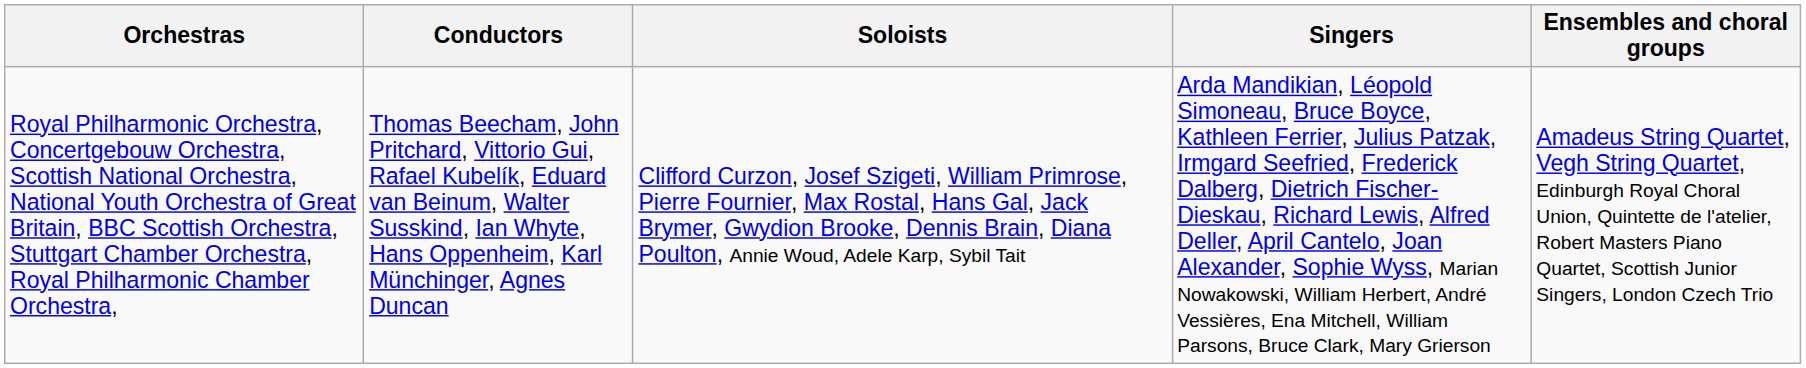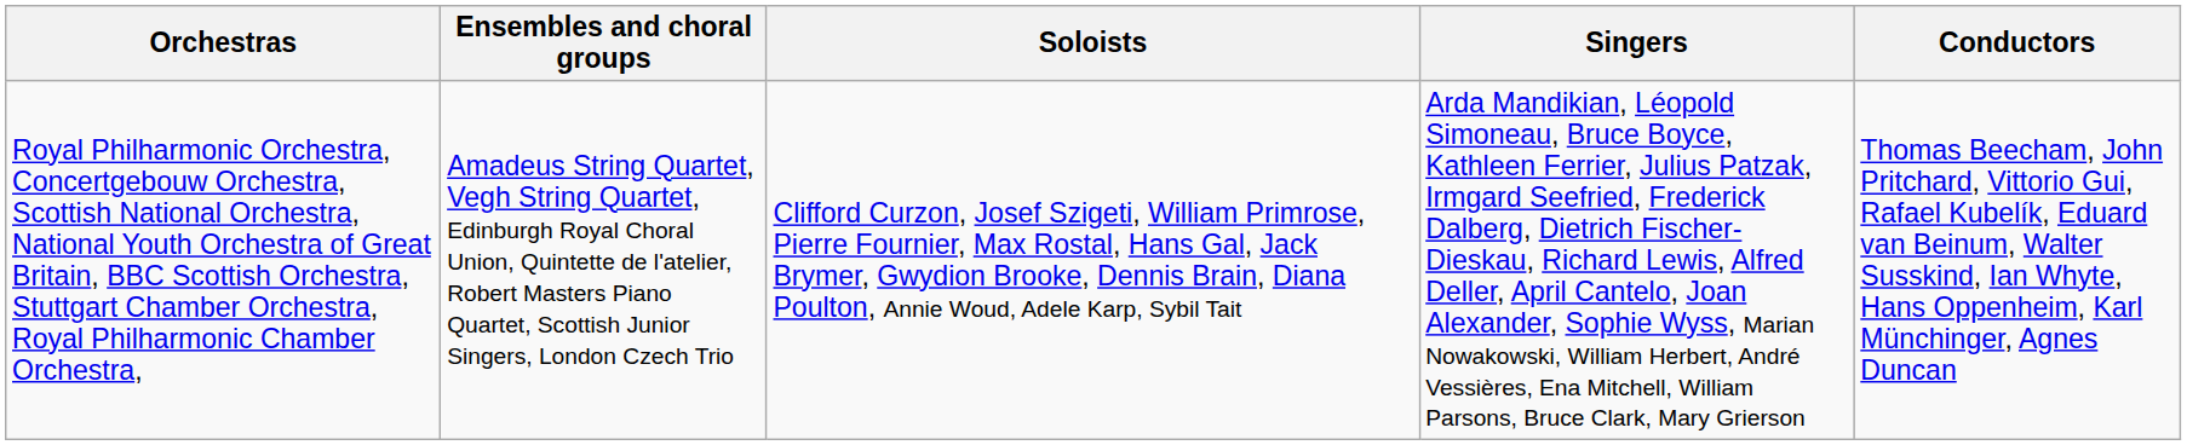 <table class="wikitable toptextcells">
 <tr class="hintergrundfarbe5">
 <th style="width:20%;">Orchestras</th>
-<th style="width:15%;">Conductors</th>
+<th style="width:15%;">Ensembles and choral groups</th>
 <th style="width:30%;">Soloists</th>
 <th style="width:20%;">Singers</th>
-<th style="width:15%;">Ensembles and choral groups</th>
+<th style="width:15%;">Conductors</th>
 </tr>
 <tr>
 <td><a href='#'>Royal Philharmonic Orchestra</a>, <a href='#'>Concertgebouw Orchestra</a>, <a href='#'>Scottish National Orchestra</a>, <a href='#'>National Youth Orchestra of Great Britain</a>, <a href='#'>BBC Scottish Orchestra</a>, <a href='#'>Stuttgart Chamber Orchestra</a>, <a href='#'>Royal Philharmonic Chamber Orchestra</a>,</td>
-<td><a href='#'>Thomas Beecham</a>, <a href='#'>John Pritchard</a>, <a href='#'>Vittorio Gui</a>, <a href='#'>Rafael Kubelík</a>, <a href='#'>Eduard van Beinum</a>, <a href='#'>Walter Susskind</a>, <a href='#'>Ian Whyte</a>, <a href='#'>Hans Oppenheim</a>,  <a href='#'>Karl Münchinger</a>, <a href='#'>Agnes Duncan</a></td>
+<td><a href='#'>Amadeus String Quartet</a>, <a href='#'>Vegh String Quartet</a>, <small>Edinburgh Royal Choral Union, Quintette de l'atelier, Robert Masters Piano Quartet, Scottish Junior Singers, London Czech Trio</small></td>
 <td><a href='#'>Clifford Curzon</a>, <a href='#'>Josef Szigeti</a>, <a href='#'>William Primrose</a>, <a href='#'>Pierre Fournier</a>, <a href='#'>Max Rostal</a>, <a href='#'>Hans Gal</a>, <a href='#'>Jack Brymer</a>, <a href='#'>Gwydion Brooke</a>, <a href='#'>Dennis Brain</a>, <a href='#'>Diana Poulton</a>, <small>Annie Woud, Adele Karp, Sybil Tait</small></td>
 <td><a href='#'>Arda Mandikian</a>, <a href='#'>Léopold Simoneau</a>, <a href='#'>Bruce Boyce</a>, <a href='#'>Kathleen Ferrier</a>, <a href='#'>Julius Patzak</a>, <a href='#'>Irmgard Seefried</a>, <a href='#'>Frederick Dalberg</a>, <a href='#'>Dietrich Fischer-Dieskau</a>, <a href='#'>Richard Lewis</a>, <a href='#'>Alfred Deller</a>, <a href='#'>April Cantelo</a>, <a href='#'>Joan Alexander</a>, <a href='#'>Sophie Wyss</a>, <small>Marian Nowakowski, William Herbert, André Vessières, Ena Mitchell, William Parsons, Bruce Clark, Mary Grierson</small></td>
-<td><a href='#'>Amadeus String Quartet</a>, <a href='#'>Vegh String Quartet</a>, <small>Edinburgh Royal Choral Union, Quintette de l'atelier, Robert Masters Piano Quartet, Scottish Junior Singers, London Czech Trio</small></td>
+<td><a href='#'>Thomas Beecham</a>, <a href='#'>John Pritchard</a>, <a href='#'>Vittorio Gui</a>, <a href='#'>Rafael Kubelík</a>, <a href='#'>Eduard van Beinum</a>, <a href='#'>Walter Susskind</a>, <a href='#'>Ian Whyte</a>, <a href='#'>Hans Oppenheim</a>,  <a href='#'>Karl Münchinger</a>, <a href='#'>Agnes Duncan</a></td>
 </tr>
 </table>
